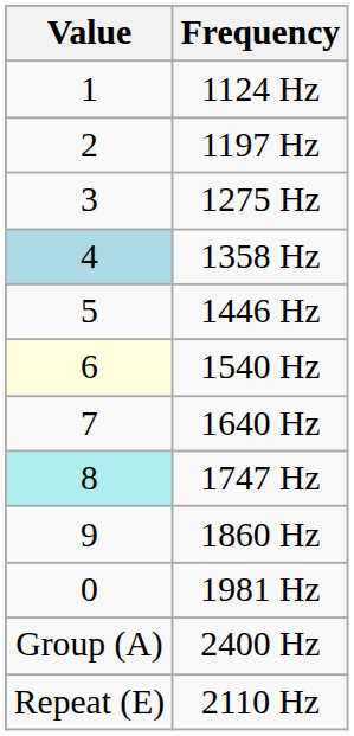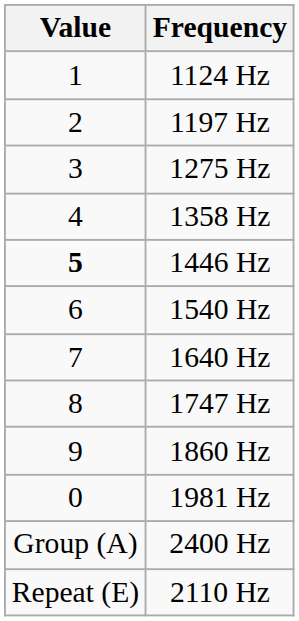 <table class="wikitable">
 <tr>
 <th align=center>Value</th>
 <th align=center>Frequency</th>
 </tr>
 <tr>
 <td align=center>1</td>
 <td align=center>1124 Hz</td>
 </tr>
 <tr>
 <td align=center>2</td>
 <td align=center>1197 Hz</td>
 </tr>
 <tr>
 <td align=center>3</td>
 <td align=center>1275 Hz</td>
 </tr>
 <tr>
-<td align=center style="background: lightblue;">4</td>
+<td align=center>4</td>
 <td align=center>1358 Hz</td>
 </tr>
 <tr>
-<td align=center>5</td>
+<td align=center><strong>5</strong></td>
 <td align=center>1446 Hz</td>
 </tr>
 <tr>
-<td align=center style="background: lightyellow;">6</td>
+<td align=center>6</td>
 <td align=center>1540 Hz</td>
 </tr>
 <tr z>
 <td align=center>7</td>
 <td align=center>1640 Hz</td>
 </tr>
 <tr>
-<td align=center style="background: paleturquoise;">8</td>
+<td align=center>8</td>
 <td align=center>1747 Hz</td>
 </tr>
 <tr>
 <td align=center>9</td>
 <td align=center>1860 Hz</td>
 </tr>
 <tr>
 <td align=center>0</td>
 <td align=center>1981 Hz</td>
 </tr>
 <tr>
 <td align=center>Group (A)</td>
 <td align=center>2400 Hz</td>
 </tr>
 <tr>
 <td align=center>Repeat (E)</td>
 <td align=center>2110 Hz</td>
 </tr>
 </table>
